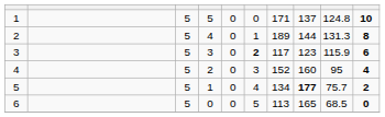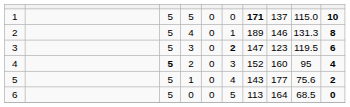 <table class="wikitable" style="text-align:center; font-size:95%">
 <tr>
 <th width="25"></th>
 <th width="200"></th>
 <th width="25"></th>
 <th width="25"></th>
 <th width="25"></th>
 <th width="25"></th>
 <th width="30"></th>
 <th width="30"></th>
 <th width="30"></th>
 <th width="30"></th>
 </tr>
 <tr style="background:#">
 <td>1</td>
 <td style="text-align:left"></td>
 <td>5</td>
 <td>5</td>
 <td>0</td>
 <td>0</td>
-<td>171</td>
+<td><strong>171</strong></td>
 <td>137</td>
-<td>124.8</td>
+<td>115.0</td>
 <td><strong>10</strong></td>
 </tr>
 <tr style="background:#">
 <td>2</td>
 <td style="text-align:left"></td>
 <td>5</td>
 <td>4</td>
 <td>0</td>
 <td>1</td>
 <td>189</td>
-<td>144</td>
+<td>146</td>
 <td>131.3</td>
 <td><strong>8</strong></td>
 </tr>
 <tr style="background:#">
 <td>3</td>
 <td style="text-align:left"></td>
 <td>5</td>
 <td>3</td>
 <td>0</td>
 <td><strong>2</strong></td>
-<td>117</td>
+<td>147</td>
 <td>123</td>
-<td>115.9</td>
+<td>119.5</td>
 <td><strong>6</strong></td>
 </tr>
 <tr style="background:#">
 <td>4</td>
 <td style="text-align:left"></td>
-<td>5</td>
+<td><strong>5</strong></td>
 <td>2</td>
 <td>0</td>
 <td>3</td>
 <td>152</td>
 <td>160</td>
 <td>95</td>
 <td><strong>4</strong></td>
 </tr>
 <tr style="background-color:#">
 <td>5</td>
 <td style="text-align:left"></td>
 <td>5</td>
 <td>1</td>
 <td>0</td>
 <td>4</td>
-<td>134</td>
-<td><strong>177</strong></td>
-<td>75.7</td>
+<td>143</td>
+<td>177</td>
+<td>75.6</td>
 <td><strong>2</strong></td>
 </tr>
 <tr style="background-color:#">
 <td>6</td>
 <td style="text-align:left"></td>
 <td>5</td>
 <td>0</td>
 <td>0</td>
 <td>5</td>
 <td>113</td>
-<td>165</td>
+<td>164</td>
 <td>68.5</td>
 <td><strong>0</strong></td>
 </tr>
 <tr>
 </tr>
 </table>
